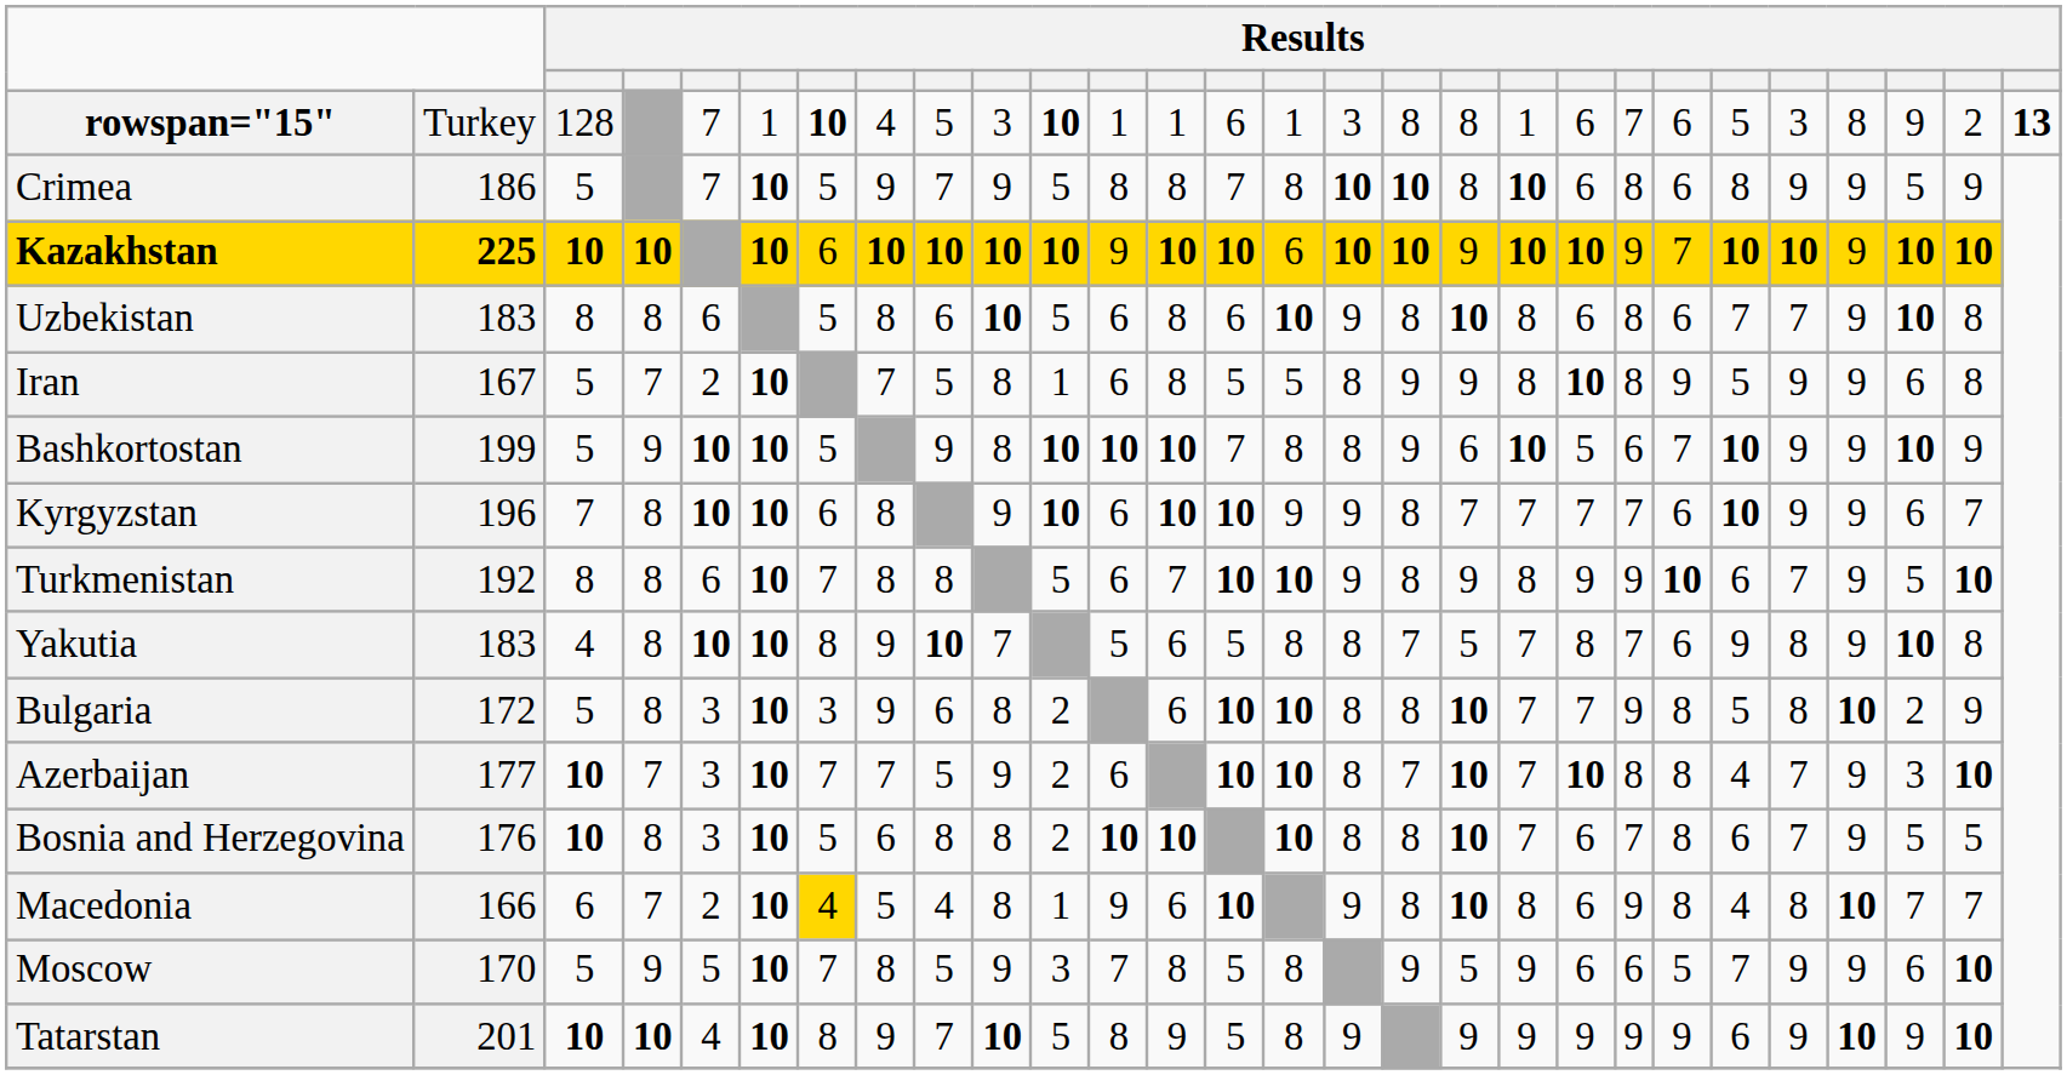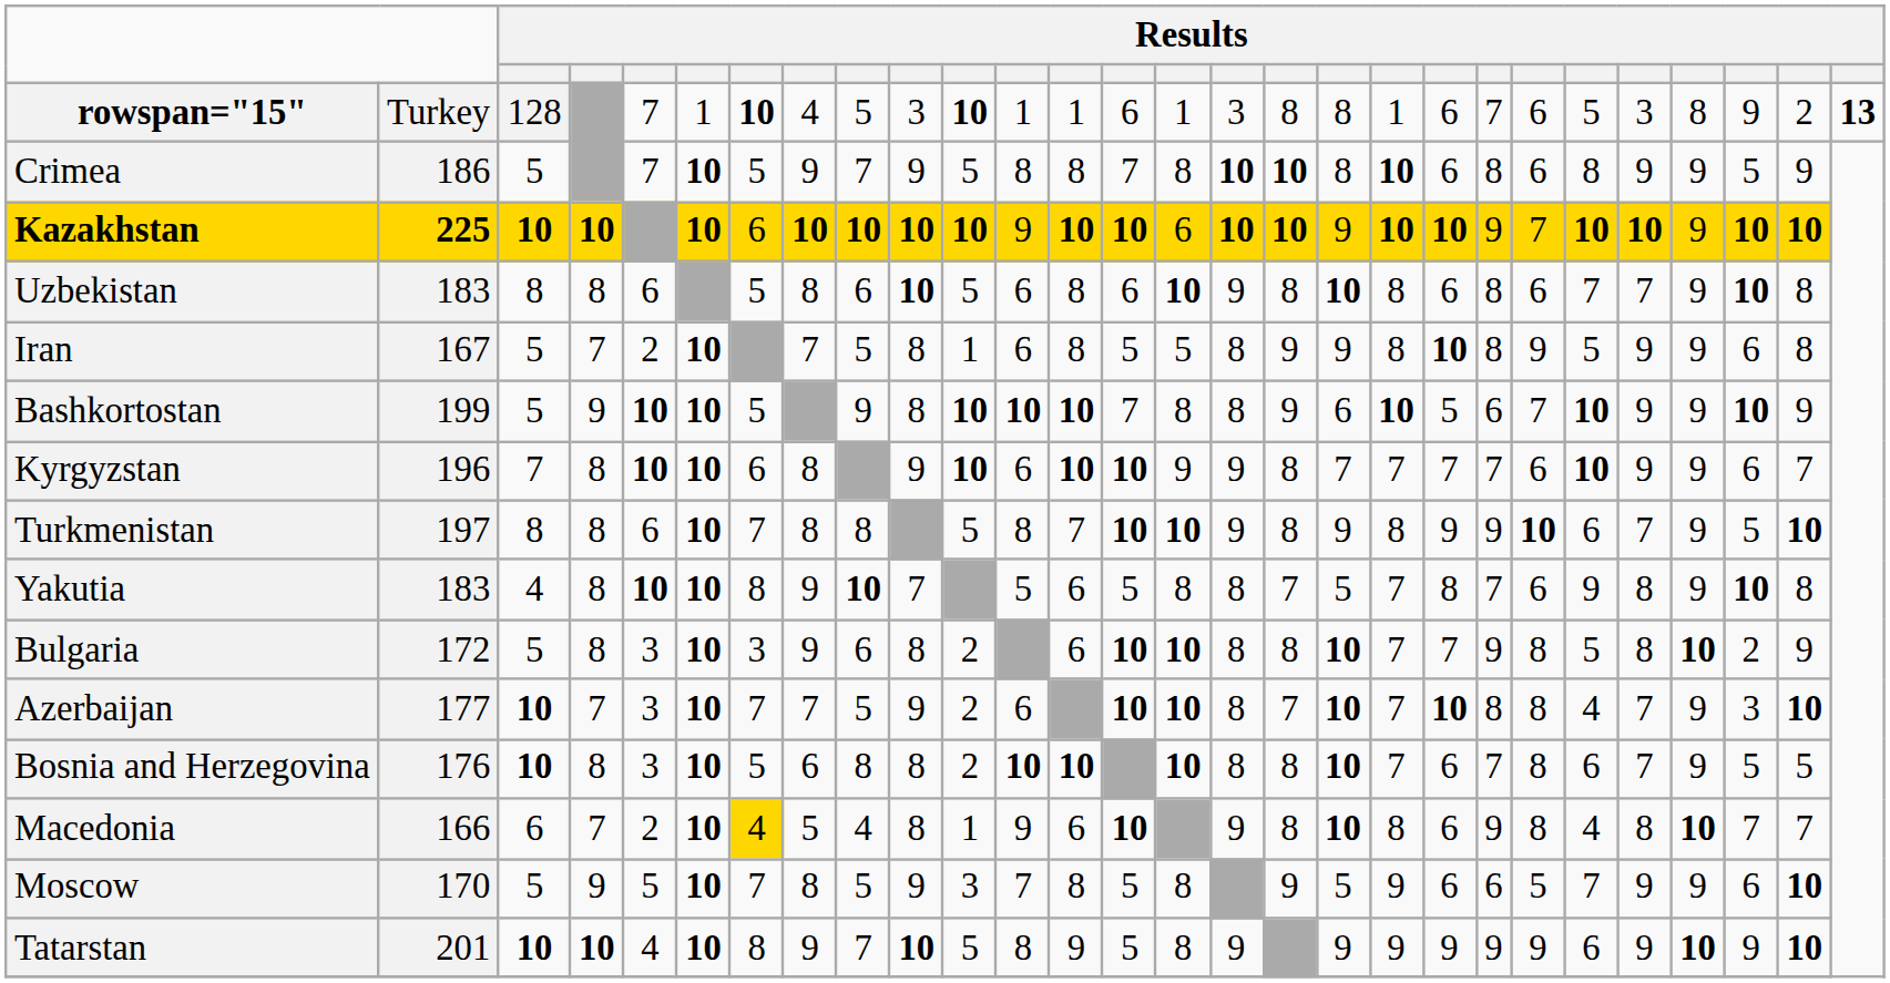 <table class="wikitable" border="1" style="text-align:center;font-size:85%;">
 <tr>
 <td colspan="2" rowspan="2"></td>
 <th colspan="26">Results</th>
 </tr>
 <tr>
 <th></th>
 <th></th>
 <th></th>
 <th></th>
 <th></th>
 <th></th>
 <th></th>
 <th></th>
 <th></th>
 <th></th>
 <th></th>
 <th></th>
 <th></th>
 <th></th>
 <th></th>
 <th></th>
 <th></th>
 <th></th>
 <th></th>
 <th></th>
 <th></th>
 <th></th>
 <th></th>
 <th></th>
 <th></th>
 <th></th>
 </tr>
 <tr>
 <th>rowspan="15" </th>
 <td style="text-align:left; background:#f2f2f2;">Turkey</td>
 <td style="text-align:right; background:#f2f2f2;">128</td>
 <td style="text-align:left; background:#aaaaaa;"></td>
 <td>7</td>
 <td>1</td>
 <td><strong>10</strong></td>
 <td>4</td>
 <td>5</td>
 <td>3</td>
 <td><strong>10</strong></td>
 <td>1</td>
 <td>1</td>
 <td>6</td>
 <td>1</td>
 <td>3</td>
 <td>8</td>
 <td>8</td>
 <td>1</td>
 <td>6</td>
 <td>7</td>
 <td>6</td>
 <td>5</td>
 <td>3</td>
 <td>8</td>
 <td>9</td>
 <td>2</td>
 <td><strong>13</strong></td>
 </tr>
 <tr>
 <td style="text-align:left; background:#f2f2f2;">Crimea</td>
 <td style="text-align:right; background:#f2f2f2;">186</td>
 <td>5</td>
 <td style="text-align:left; background:#aaaaaa;"></td>
 <td>7</td>
 <td><strong>10</strong></td>
 <td>5</td>
 <td>9</td>
 <td>7</td>
 <td>9</td>
 <td>5</td>
 <td>8</td>
 <td>8</td>
 <td>7</td>
 <td>8</td>
 <td><strong>10</strong></td>
 <td><strong>10</strong></td>
 <td>8</td>
 <td><strong>10</strong></td>
 <td>6</td>
 <td>8</td>
 <td>6</td>
 <td>8</td>
 <td>9</td>
 <td>9</td>
 <td>5</td>
 <td>9</td>
 </tr>
 <tr bgcolor="gold">
 <td style="text-align:left; background:gold;"><strong>Kazakhstan</strong></td>
 <td style="text-align:right; background:gold;"><strong>225</strong></td>
 <td><strong>10</strong></td>
 <td><strong>10</strong></td>
 <td style="text-align:left; background:#aaaaaa;"></td>
 <td><strong>10</strong></td>
 <td>6</td>
 <td><strong>10</strong></td>
 <td><strong>10</strong></td>
 <td><strong>10</strong></td>
 <td><strong>10</strong></td>
 <td>9</td>
 <td><strong>10</strong></td>
 <td><strong>10</strong></td>
 <td>6</td>
 <td><strong>10</strong></td>
 <td><strong>10</strong></td>
 <td>9</td>
 <td><strong>10</strong></td>
 <td><strong>10</strong></td>
 <td>9</td>
 <td>7</td>
 <td><strong>10</strong></td>
 <td><strong>10</strong></td>
 <td>9</td>
 <td><strong>10</strong></td>
 <td><strong>10</strong></td>
 </tr>
 <tr>
 <td style="text-align:left; background:#f2f2f2;">Uzbekistan</td>
 <td style="text-align:right; background:#f2f2f2;">183</td>
 <td>8</td>
 <td>8</td>
 <td>6</td>
 <td style="text-align:left; background:#aaaaaa;"></td>
 <td>5</td>
 <td>8</td>
 <td>6</td>
 <td><strong>10</strong></td>
 <td>5</td>
 <td>6</td>
 <td>8</td>
 <td>6</td>
 <td><strong>10</strong></td>
 <td>9</td>
 <td>8</td>
 <td><strong>10</strong></td>
 <td>8</td>
 <td>6</td>
 <td>8</td>
 <td>6</td>
 <td>7</td>
 <td>7</td>
 <td>9</td>
 <td><strong>10</strong></td>
 <td>8</td>
 </tr>
 <tr>
 <td style="text-align:left; background:#f2f2f2;">Iran</td>
 <td style="text-align:right; background:#f2f2f2;">167</td>
 <td>5</td>
 <td>7</td>
 <td>2</td>
 <td><strong>10</strong></td>
 <td style="text-align:left; background:#aaaaaa;"></td>
 <td>7</td>
 <td>5</td>
 <td>8</td>
 <td>1</td>
 <td>6</td>
 <td>8</td>
 <td>5</td>
 <td>5</td>
 <td>8</td>
 <td>9</td>
 <td>9</td>
 <td>8</td>
 <td><strong>10</strong></td>
 <td>8</td>
 <td>9</td>
 <td>5</td>
 <td>9</td>
 <td>9</td>
 <td>6</td>
 <td>8</td>
 </tr>
 <tr>
 <td style="text-align:left; background:#f2f2f2;">Bashkortostan</td>
 <td style="text-align:right; background:#f2f2f2;">199</td>
 <td>5</td>
 <td>9</td>
 <td><strong>10</strong></td>
 <td><strong>10</strong></td>
 <td>5</td>
 <td style="text-align:left; background:#aaaaaa;"></td>
 <td>9</td>
 <td>8</td>
 <td><strong>10</strong></td>
 <td><strong>10</strong></td>
 <td><strong>10</strong></td>
 <td>7</td>
 <td>8</td>
 <td>8</td>
 <td>9</td>
 <td>6</td>
 <td><strong>10</strong></td>
 <td>5</td>
 <td>6</td>
 <td>7</td>
 <td><strong>10</strong></td>
 <td>9</td>
 <td>9</td>
 <td><strong>10</strong></td>
 <td>9</td>
 </tr>
 <tr>
 <td style="text-align:left; background:#f2f2f2;">Kyrgyzstan</td>
 <td style="text-align:right; background:#f2f2f2;">196</td>
 <td>7</td>
 <td>8</td>
 <td><strong>10</strong></td>
 <td><strong>10</strong></td>
 <td>6</td>
 <td>8</td>
 <td style="text-align:left; background:#aaaaaa;"></td>
 <td>9</td>
 <td><strong>10</strong></td>
 <td>6</td>
 <td><strong>10</strong></td>
 <td><strong>10</strong></td>
 <td>9</td>
 <td>9</td>
 <td>8</td>
 <td>7</td>
 <td>7</td>
 <td>7</td>
 <td>7</td>
 <td>6</td>
 <td><strong>10</strong></td>
 <td>9</td>
 <td>9</td>
 <td>6</td>
 <td>7</td>
 </tr>
 <tr>
 <td style="text-align:left; background:#f2f2f2;">Turkmenistan</td>
-<td style="text-align:right; background:#f2f2f2;">192</td>
+<td style="text-align:right; background:#f2f2f2;">197</td>
 <td>8</td>
 <td>8</td>
 <td>6</td>
 <td><strong>10</strong></td>
 <td>7</td>
 <td>8</td>
 <td>8</td>
 <td style="text-align:left; background:#aaaaaa;"></td>
 <td>5</td>
-<td>6</td>
+<td>8</td>
 <td>7</td>
 <td><strong>10</strong></td>
 <td><strong>10</strong></td>
 <td>9</td>
 <td>8</td>
 <td>9</td>
 <td>8</td>
 <td>9</td>
 <td>9</td>
 <td><strong>10</strong></td>
 <td>6</td>
 <td>7</td>
 <td>9</td>
 <td>5</td>
 <td><strong>10</strong></td>
 </tr>
 <tr>
 <td style="text-align:left; background:#f2f2f2;">Yakutia</td>
 <td style="text-align:right; background:#f2f2f2;">183</td>
 <td>4</td>
 <td>8</td>
 <td><strong>10</strong></td>
 <td><strong>10</strong></td>
 <td>8</td>
 <td>9</td>
 <td><strong>10</strong></td>
 <td>7</td>
 <td style="text-align:left; background:#aaaaaa;"></td>
 <td>5</td>
 <td>6</td>
 <td>5</td>
 <td>8</td>
 <td>8</td>
 <td>7</td>
 <td>5</td>
 <td>7</td>
 <td>8</td>
 <td>7</td>
 <td>6</td>
 <td>9</td>
 <td>8</td>
 <td>9</td>
 <td><strong>10</strong></td>
 <td>8</td>
 </tr>
 <tr>
 <td style="text-align:left; background:#f2f2f2;">Bulgaria</td>
 <td style="text-align:right; background:#f2f2f2;">172</td>
 <td>5</td>
 <td>8</td>
 <td>3</td>
 <td><strong>10</strong></td>
 <td>3</td>
 <td>9</td>
 <td>6</td>
 <td>8</td>
 <td>2</td>
 <td style="text-align:left; background:#aaaaaa;"></td>
 <td>6</td>
 <td><strong>10</strong></td>
 <td><strong>10</strong></td>
 <td>8</td>
 <td>8</td>
 <td><strong>10</strong></td>
 <td>7</td>
 <td>7</td>
 <td>9</td>
 <td>8</td>
 <td>5</td>
 <td>8</td>
 <td><strong>10</strong></td>
 <td>2</td>
 <td>9</td>
 </tr>
 <tr>
 <td style="text-align:left; background:#f2f2f2;">Azerbaijan</td>
 <td style="text-align:right; background:#f2f2f2;">177</td>
 <td><strong>10</strong></td>
 <td>7</td>
 <td>3</td>
 <td><strong>10</strong></td>
 <td>7</td>
 <td>7</td>
 <td>5</td>
 <td>9</td>
 <td>2</td>
 <td>6</td>
 <td style="text-align:left; background:#aaaaaa;"></td>
 <td><strong>10</strong></td>
 <td><strong>10</strong></td>
 <td>8</td>
 <td>7</td>
 <td><strong>10</strong></td>
 <td>7</td>
 <td><strong>10</strong></td>
 <td>8</td>
 <td>8</td>
 <td>4</td>
 <td>7</td>
 <td>9</td>
 <td>3</td>
 <td><strong>10</strong></td>
 </tr>
 <tr>
 <td style="text-align:left; background:#f2f2f2;">Bosnia and Herzegovina</td>
 <td style="text-align:right; background:#f2f2f2;">176</td>
 <td><strong>10</strong></td>
 <td>8</td>
 <td>3</td>
 <td><strong>10</strong></td>
 <td>5</td>
 <td>6</td>
 <td>8</td>
 <td>8</td>
 <td>2</td>
 <td><strong>10</strong></td>
 <td><strong>10</strong></td>
 <td style="text-align:left; background:#aaaaaa;"></td>
 <td><strong>10</strong></td>
 <td>8</td>
 <td>8</td>
 <td><strong>10</strong></td>
 <td>7</td>
 <td>6</td>
 <td>7</td>
 <td>8</td>
 <td>6</td>
 <td>7</td>
 <td>9</td>
 <td>5</td>
 <td>5</td>
 </tr>
 <tr>
 <td style="text-align:left; background:#f2f2f2;">Macedonia</td>
 <td style="text-align:right; background:#f2f2f2;">166</td>
 <td>6</td>
 <td>7</td>
 <td>2</td>
 <td><strong>10</strong></td>
 <td style="background: gold;">4</td>
 <td>5</td>
 <td>4</td>
 <td>8</td>
 <td>1</td>
 <td>9</td>
 <td>6</td>
 <td><strong>10</strong></td>
 <td style="text-align:left; background:#aaaaaa;"></td>
 <td>9</td>
 <td>8</td>
 <td><strong>10</strong></td>
 <td>8</td>
 <td>6</td>
 <td>9</td>
 <td>8</td>
 <td>4</td>
 <td>8</td>
 <td><strong>10</strong></td>
 <td>7</td>
 <td>7</td>
 </tr>
 <tr>
 <td style="text-align:left; background:#f2f2f2;">Moscow</td>
 <td style="text-align:right; background:#f2f2f2;">170</td>
 <td>5</td>
 <td>9</td>
 <td>5</td>
 <td><strong>10</strong></td>
 <td>7</td>
 <td>8</td>
 <td>5</td>
 <td>9</td>
 <td>3</td>
 <td>7</td>
 <td>8</td>
 <td>5</td>
 <td>8</td>
 <td style="text-align:left; background:#aaaaaa;"></td>
 <td>9</td>
 <td>5</td>
 <td>9</td>
 <td>6</td>
 <td>6</td>
 <td>5</td>
 <td>7</td>
 <td>9</td>
 <td>9</td>
 <td>6</td>
 <td><strong>10</strong></td>
 </tr>
 <tr>
 <td style="text-align:left; background:#f2f2f2;">Tatarstan</td>
 <td style="text-align:right; background:#f2f2f2;">201</td>
 <td><strong>10</strong></td>
 <td><strong>10</strong></td>
 <td>4</td>
 <td><strong>10</strong></td>
 <td>8</td>
 <td>9</td>
 <td>7</td>
 <td><strong>10</strong></td>
 <td>5</td>
 <td>8</td>
 <td>9</td>
 <td>5</td>
 <td>8</td>
 <td>9</td>
 <td style="text-align:left; background:#aaaaaa;"></td>
 <td>9</td>
 <td>9</td>
 <td>9</td>
 <td>9</td>
 <td>9</td>
 <td>6</td>
 <td>9</td>
 <td><strong>10</strong></td>
 <td>9</td>
 <td><strong>10</strong></td>
 </tr>
 <tr>
 </tr>
 </table>
